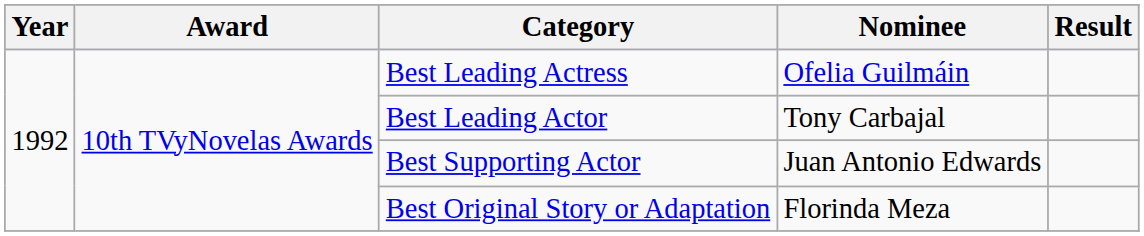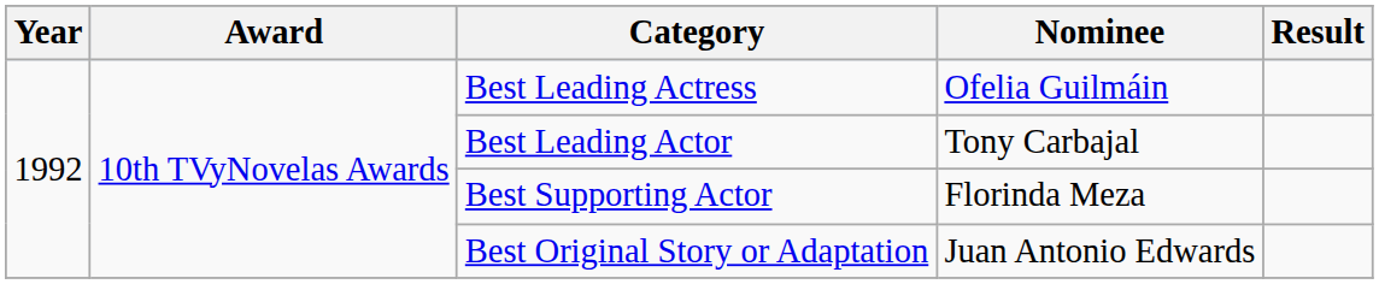 <table class="wikitable">
 <tr style="background:#b0c4de;">
 <th>Year</th>
 <th>Award</th>
 <th>Category</th>
 <th>Nominee</th>
 <th>Result</th>
 </tr>
 <tr>
 <td rowspan=4>1992</td>
 <td rowspan=4><a href='#'>10th TVyNovelas Awards</a></td>
 <td><a href='#'>Best Leading Actress</a></td>
 <td><a href='#'>Ofelia Guilmáin</a></td>
 <td></td>
 </tr>
 <tr>
 <td><a href='#'>Best Leading Actor</a></td>
 <td>Tony Carbajal</td>
 <td></td>
 </tr>
 <tr>
 <td><a href='#'>Best Supporting Actor</a></td>
-<td>Juan Antonio Edwards</td>
+<td>Florinda Meza</td>
 <td></td>
 </tr>
 <tr>
 <td><a href='#'>Best Original Story or Adaptation</a></td>
-<td>Florinda Meza</td>
+<td>Juan Antonio Edwards</td>
 <td></td>
 </tr>
 </table>
